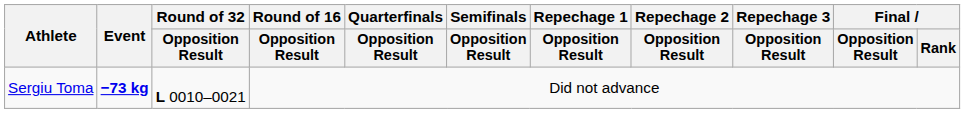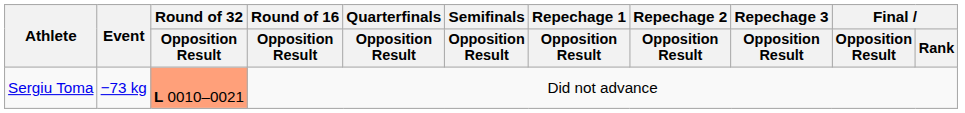 <table class="wikitable" style="font-size:90%">
 <tr>
 <th rowspan="2">Athlete</th>
 <th rowspan="2">Event</th>
 <th>Round of 32</th>
 <th>Round of 16</th>
 <th>Quarterfinals</th>
 <th>Semifinals</th>
 <th>Repechage 1</th>
 <th>Repechage 2</th>
 <th>Repechage 3</th>
 <th colspan=2>Final / </th>
 </tr>
 <tr style="font-size:95%">
 <th>Opposition<br>Result</th>
 <th>Opposition<br>Result</th>
 <th>Opposition<br>Result</th>
 <th>Opposition<br>Result</th>
 <th>Opposition<br>Result</th>
 <th>Opposition<br>Result</th>
 <th>Opposition<br>Result</th>
 <th>Opposition<br>Result</th>
 <th>Rank</th>
 </tr>
 <tr align=center>
 <td align=left><a href='#'>Sergiu Toma</a></td>
-<td align=left><strong><a href='#'>−73 kg</a></strong></td>
-<td><br><strong>L</strong> 0010–0021</td>
+<td align=left><a href='#'>−73 kg</a></td>
+<td style="background: lightsalmon;"><br><strong>L</strong> 0010–0021</td>
 <td colspan=8>Did not advance</td>
 </tr>
 </table>
